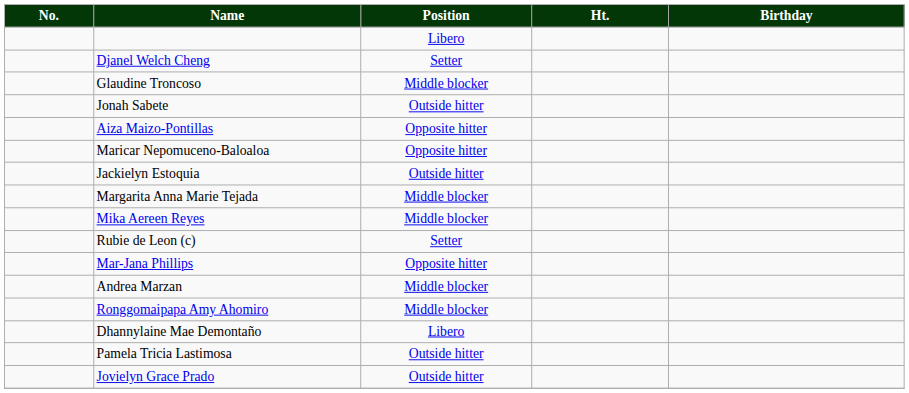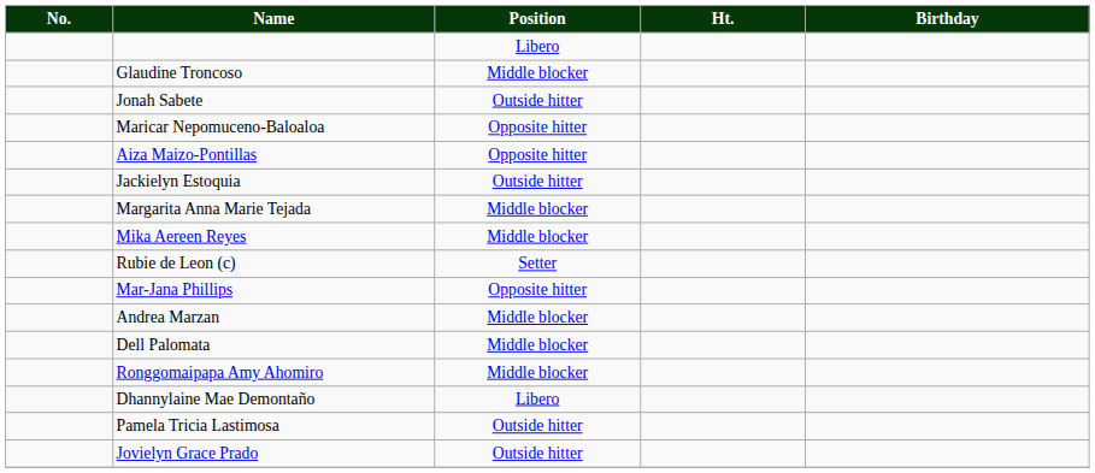 <table class="wikitable sortable" style="font-size:90%; text-align:center; width:75%;">
 <tr>
 <th style="width:5em;; background:#033707; color:white; text-align: center"><strong>No.</strong></th>
 <th style="width:16em; background:#033707; color:white;">Name</th>
 <th style="width:10em;background:#033707; color:white; text-align: center"><strong>Position</strong></th>
 <th style="width:8em; background:#033707; color:white;">Ht.</th>
 <th style="width:14em; background:#033707; color:white;">Birthday</th>
 </tr>
 <tr>
 <td></td>
 <td align=left> </td>
 <td><a href='#'>Libero</a></td>
-<td></td>
-<td align=right></td>
-</tr>
-<tr>
-<td></td>
-<td align=left> <a href='#'>Djanel Welch Cheng</a></td>
-<td><a href='#'>Setter</a></td>
 <td></td>
 <td align=right></td>
 </tr>
 <tr>
 <td></td>
 <td align=left> Glaudine Troncoso</td>
 <td><a href='#'>Middle blocker</a></td>
 <td></td>
 <td></td>
 </tr>
 <tr>
 <td></td>
 <td align=left> Jonah Sabete</td>
 <td><a href='#'>Outside hitter</a></td>
 <td></td>
 <td align=right></td>
 </tr>
 <tr>
 <td></td>
-<td align=left> <a href='#'>Aiza Maizo-Pontillas</a></td>
+<td align=left> Maricar Nepomuceno-Baloaloa</td>
 <td><a href='#'>Opposite hitter</a></td>
 <td></td>
 <td align=right></td>
 </tr>
 <tr>
 <td></td>
-<td align=left> Maricar Nepomuceno-Baloaloa</td>
+<td align=left> <a href='#'>Aiza Maizo-Pontillas</a></td>
 <td><a href='#'>Opposite hitter</a></td>
 <td></td>
 <td align=right></td>
 </tr>
 <tr>
 <td></td>
 <td align=left> Jackielyn Estoquia</td>
 <td><a href='#'>Outside hitter</a></td>
 <td></td>
 <td align=right></td>
 </tr>
 <tr>
 <td></td>
 <td align=left> Margarita Anna Marie Tejada</td>
 <td><a href='#'>Middle blocker</a></td>
 <td></td>
 <td align=right></td>
 </tr>
 <tr>
 <td></td>
 <td align=left> <a href='#'>Mika Aereen Reyes</a></td>
 <td><a href='#'>Middle blocker</a></td>
 <td></td>
 <td align=right></td>
 </tr>
 <tr>
 <td></td>
 <td align=left> Rubie de Leon (c)</td>
 <td><a href='#'>Setter</a></td>
 <td></td>
 <td align=right></td>
 </tr>
 <tr>
 <td></td>
 <td align=left> <a href='#'>Mar-Jana Phillips</a></td>
 <td><a href='#'>Opposite hitter</a></td>
 <td></td>
 <td align=right></td>
 </tr>
 <tr>
 <td></td>
 <td align=left> Andrea Marzan</td>
 <td><a href='#'>Middle blocker</a></td>
 <td></td>
 <td align=right></td>
 </tr>
 <tr>
 <td></td>
+<td align=left> Dell Palomata</td>
+<td><a href='#'>Middle blocker</a></td>
+<td></td>
+<td align=right></td>
+</tr>
+<tr>
+<td></td>
 <td align=left> <a href='#'>Ronggomaipapa Amy Ahomiro</a></td>
 <td><a href='#'>Middle blocker</a></td>
 <td></td>
 <td align=right></td>
 </tr>
 <tr>
 <td></td>
 <td align=left> Dhannylaine Mae Demontaño</td>
 <td><a href='#'>Libero</a></td>
 <td></td>
 <td align=right></td>
 </tr>
 <tr>
 <td></td>
 <td align=left> Pamela Tricia Lastimosa</td>
 <td><a href='#'>Outside hitter</a></td>
 <td></td>
 <td align=right></td>
 </tr>
 <tr>
 <td></td>
 <td align=left> <a href='#'>Jovielyn Grace Prado</a></td>
 <td><a href='#'>Outside hitter</a></td>
 <td></td>
 <td align=right></td>
 </tr>
 <tr>
 </tr>
 </table>
